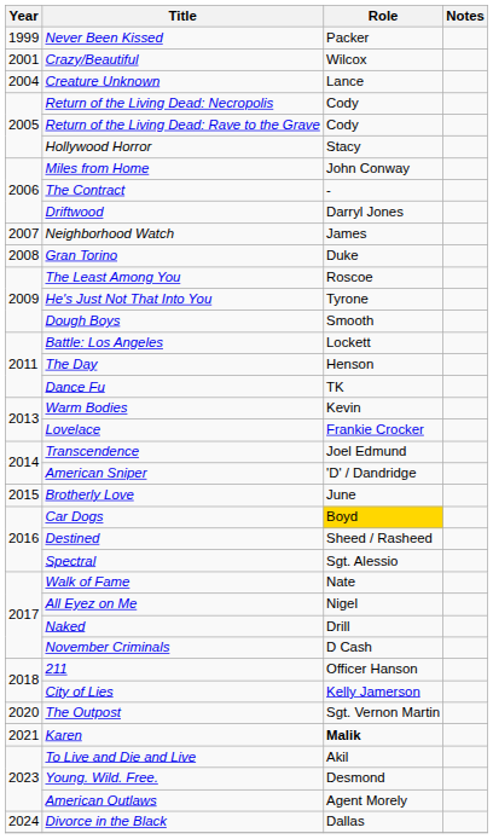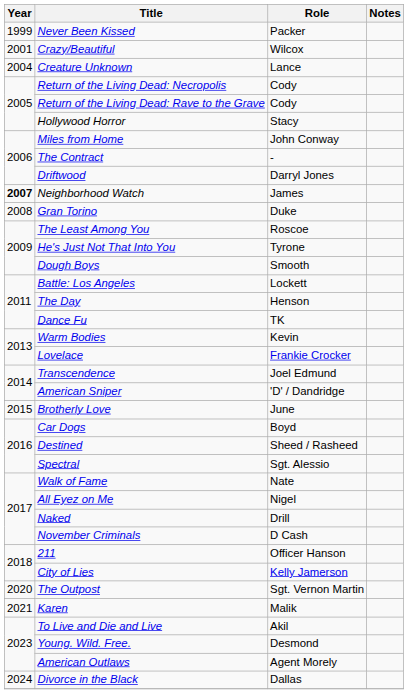 <table class="wikitable sortable">
 <tr>
 <th>Year</th>
 <th>Title</th>
 <th>Role</th>
 <th class="unsortable">Notes</th>
 </tr>
 <tr>
 <td>1999</td>
 <td><em><a href='#'>Never Been Kissed</a></em></td>
 <td>Packer</td>
 <td></td>
 </tr>
 <tr>
 <td>2001</td>
 <td><em><a href='#'>Crazy/Beautiful</a></em></td>
 <td>Wilcox</td>
 <td></td>
 </tr>
 <tr>
 <td>2004</td>
 <td><em><a href='#'>Creature Unknown</a></em></td>
 <td>Lance</td>
 <td></td>
 </tr>
 <tr>
 <td rowspan="3">2005</td>
 <td><em><a href='#'>Return of the Living Dead: Necropolis</a></em></td>
 <td>Cody</td>
 <td></td>
 </tr>
 <tr>
 <td><em><a href='#'>Return of the Living Dead: Rave to the Grave</a></em></td>
 <td>Cody</td>
 <td></td>
 </tr>
 <tr>
 <td><em>Hollywood Horror</em></td>
 <td>Stacy</td>
 <td></td>
 </tr>
 <tr>
 <td rowspan="3">2006</td>
 <td><em><a href='#'>Miles from Home</a></em></td>
 <td>John Conway</td>
 <td></td>
 </tr>
 <tr>
 <td><em><a href='#'>The Contract</a></em></td>
 <td>-</td>
 <td></td>
 </tr>
 <tr>
 <td><em><a href='#'>Driftwood</a></em></td>
 <td>Darryl Jones</td>
 <td></td>
 </tr>
 <tr>
-<td>2007</td>
+<td><strong>2007</strong></td>
 <td><em>Neighborhood Watch</em></td>
 <td>James</td>
 <td></td>
 </tr>
 <tr>
 <td>2008</td>
 <td><em><a href='#'>Gran Torino</a></em></td>
 <td>Duke</td>
 <td></td>
 </tr>
 <tr>
 <td rowspan="3">2009</td>
 <td><em><a href='#'>The Least Among You</a></em></td>
 <td>Roscoe</td>
 <td></td>
 </tr>
 <tr>
 <td><em><a href='#'>He's Just Not That Into You</a></em></td>
 <td>Tyrone</td>
 <td></td>
 </tr>
 <tr>
 <td><em><a href='#'>Dough Boys</a></em></td>
 <td>Smooth</td>
 <td></td>
 </tr>
 <tr>
 <td rowspan="3">2011</td>
 <td><em><a href='#'>Battle: Los Angeles</a></em></td>
 <td>Lockett</td>
 <td></td>
 </tr>
 <tr>
 <td><em><a href='#'>The Day</a></em></td>
 <td>Henson</td>
 <td></td>
 </tr>
 <tr>
 <td><em><a href='#'>Dance Fu</a></em></td>
 <td>TK</td>
 <td></td>
 </tr>
 <tr>
 <td rowspan="2">2013</td>
 <td><em><a href='#'>Warm Bodies</a></em></td>
 <td>Kevin</td>
 <td></td>
 </tr>
 <tr>
 <td><em><a href='#'>Lovelace</a></em></td>
 <td><a href='#'>Frankie Crocker</a></td>
 <td></td>
 </tr>
 <tr>
 <td rowspan="2">2014</td>
 <td><em><a href='#'>Transcendence</a></em></td>
 <td>Joel Edmund</td>
 <td></td>
 </tr>
 <tr>
 <td><em><a href='#'>American Sniper</a></em></td>
 <td>'D' / Dandridge</td>
 <td></td>
 </tr>
 <tr>
 <td>2015</td>
 <td><em><a href='#'>Brotherly Love</a></em></td>
 <td>June</td>
 <td></td>
 </tr>
 <tr>
 <td rowspan="3">2016</td>
 <td><em><a href='#'>Car Dogs</a></em></td>
-<td style="background: gold;">Boyd</td>
+<td>Boyd</td>
 <td></td>
 </tr>
 <tr>
 <td><em><a href='#'>Destined</a></em></td>
 <td>Sheed / Rasheed</td>
 <td></td>
 </tr>
 <tr>
 <td><em><a href='#'>Spectral</a></em></td>
 <td>Sgt. Alessio</td>
 <td></td>
 </tr>
 <tr>
 <td rowspan="4">2017</td>
 <td><em><a href='#'>Walk of Fame</a></em></td>
 <td>Nate</td>
 <td></td>
 </tr>
 <tr>
 <td><em><a href='#'>All Eyez on Me</a></em></td>
 <td>Nigel</td>
 <td></td>
 </tr>
 <tr>
 <td><em><a href='#'>Naked</a></em></td>
 <td>Drill</td>
 <td></td>
 </tr>
 <tr>
 <td><em><a href='#'>November Criminals</a></em></td>
 <td>D Cash</td>
 <td></td>
 </tr>
 <tr>
 <td rowspan="2">2018</td>
 <td><em><a href='#'>211</a></em></td>
 <td>Officer Hanson</td>
 <td></td>
 </tr>
 <tr>
 <td><em><a href='#'>City of Lies</a></em></td>
 <td><a href='#'>Kelly Jamerson</a></td>
 <td></td>
 </tr>
 <tr>
 <td>2020</td>
 <td><em><a href='#'>The Outpost</a></em></td>
 <td>Sgt. Vernon Martin</td>
 <td></td>
 </tr>
 <tr>
 <td>2021</td>
 <td><em><a href='#'>Karen</a></em></td>
-<td><strong>Malik</strong></td>
+<td>Malik</td>
 <td></td>
 </tr>
 <tr>
 <td rowspan="3">2023</td>
 <td><em><a href='#'>To Live and Die and Live</a></em></td>
 <td>Akil</td>
 <td></td>
 </tr>
 <tr>
 <td><em><a href='#'>Young. Wild. Free.</a></em></td>
 <td>Desmond</td>
 <td></td>
 </tr>
 <tr>
 <td><em><a href='#'>American Outlaws</a></em></td>
 <td>Agent Morely</td>
 <td></td>
 </tr>
 <tr>
 <td>2024</td>
 <td><em><a href='#'>Divorce in the Black</a></em></td>
 <td>Dallas</td>
 <td></td>
 </tr>
 <tr>
 </tr>
 </table>
